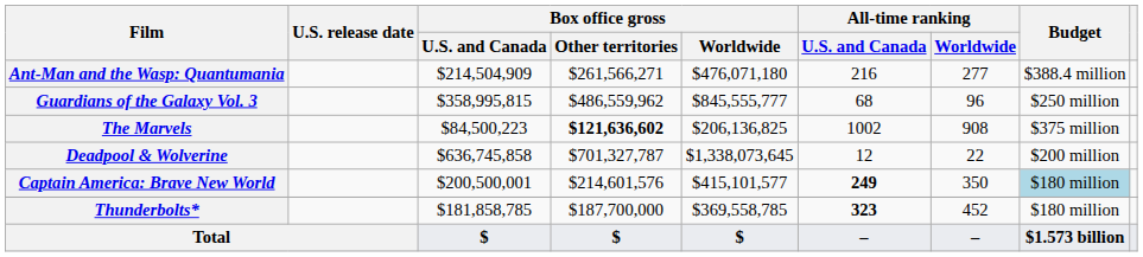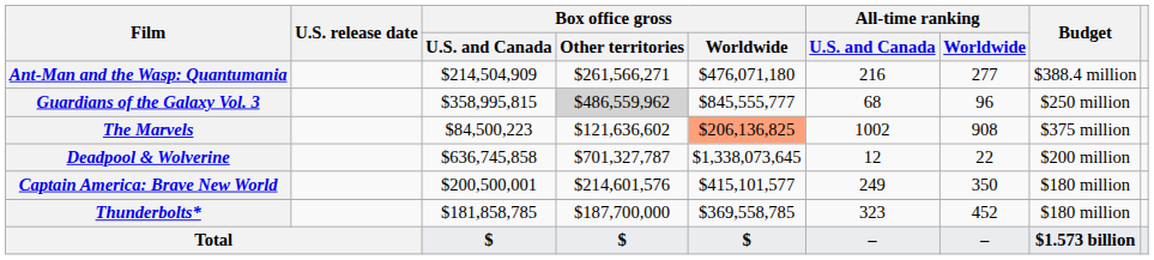 <table class="wikitable plainrowheaders unsortable" style="text-align: center;">
 <tr>
 <th scope="col" rowspan="2">Film</th>
 <th scope="col" rowspan="2">U.S. release date</th>
 <th scope="col" colspan="3" class=sortable>Box office gross</th>
 <th scope="col" colspan="2" style="text: wrap;" class="unsortable">All-time ranking</th>
 <th scope="col" rowspan="2">Budget</th>
 <th scope="col" rowspan="2" class="unsortable"></th>
 </tr>
 <tr>
 <th scope="col">U.S. and Canada</th>
 <th scope="col">Other territories</th>
 <th scope="col">Worldwide</th>
 <th scope="col" class="sortable"><a href='#'>U.S. and Canada</a></th>
 <th scope="col" class="sortable"><a href='#'>Worldwide</a></th>
 </tr>
 <tr>
 <th scope="row"><em><a href='#'>Ant-Man and the Wasp: Quantumania</a></em></th>
 <td></td>
 <td>$214,504,909</td>
 <td>$261,566,271</td>
 <td>$476,071,180</td>
 <td>216</td>
 <td>277</td>
 <td>$388.4 million</td>
 <td></td>
 </tr>
 <tr>
 <th scope="row"><em><a href='#'>Guardians of the Galaxy Vol. 3</a></em></th>
 <td></td>
 <td>$358,995,815</td>
-<td>$486,559,962</td>
+<td style="background: lightgrey;">$486,559,962</td>
 <td>$845,555,777</td>
 <td>68</td>
 <td>96</td>
 <td>$250 million</td>
 <td></td>
 </tr>
 <tr>
 <th scope="row"><em><a href='#'>The Marvels</a></em></th>
 <td></td>
 <td>$84,500,223</td>
-<td><strong>$121,636,602</strong></td>
-<td>$206,136,825</td>
+<td>$121,636,602</td>
+<td style="background: lightsalmon;">$206,136,825</td>
 <td>1002</td>
 <td>908</td>
 <td>$375 million</td>
 <td></td>
 </tr>
 <tr>
 <th scope="row"><em><a href='#'>Deadpool & Wolverine</a></em></th>
 <td></td>
 <td>$636,745,858</td>
 <td>$701,327,787</td>
 <td>$1,338,073,645</td>
 <td>12</td>
 <td>22</td>
 <td>$200 million</td>
 <td></td>
 </tr>
 <tr>
 <th scope="row"><em><a href='#'>Captain America: Brave New World</a></em></th>
 <td></td>
 <td>$200,500,001</td>
 <td>$214,601,576</td>
 <td>$415,101,577</td>
-<td><strong>249</strong></td>
+<td>249</td>
 <td>350</td>
-<td style="background: lightblue;">$180 million</td>
+<td>$180 million</td>
 <td></td>
 </tr>
 <tr>
 </tr>
 <tr>
 <th scope="row"><em><a href='#'>Thunderbolts*</a></em></th>
 <td></td>
 <td>$181,858,785</td>
 <td>$187,700,000</td>
 <td>$369,558,785</td>
-<td><strong>323</strong></td>
+<td>323</td>
 <td>452</td>
 <td>$180 million</td>
 </tr>
 <tr style="font-weight: bold; background-color: #EAECF0;">
 <th scope="row" colspan="2"><strong>Total</strong><br></th>
 <td>$</td>
 <td>$</td>
 <td>$<br></td>
 <td>–</td>
 <td>–</td>
 <td>$1.573 billion</td>
 <td></td>
 </tr>
 </table>
